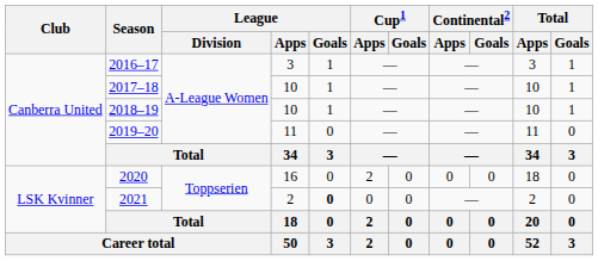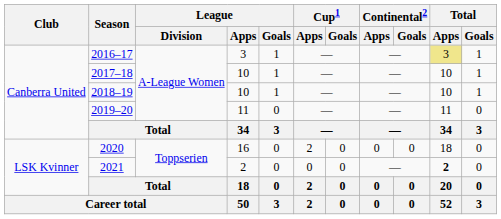 <table class="wikitable" style="text-align: center;">
 <tr>
 <th rowspan="2">Club</th>
 <th rowspan="2">Season</th>
 <th colspan="3">League</th>
 <th colspan="2">Cup<sup><a href='#'>1</a></sup></th>
 <th colspan="2">Continental<sup><a href='#'>2</a></sup></th>
 <th colspan="2">Total</th>
 </tr>
 <tr>
 <th>Division</th>
 <th>Apps</th>
 <th>Goals</th>
 <th>Apps</th>
 <th>Goals</th>
 <th>Apps</th>
 <th>Goals</th>
 <th>Apps</th>
 <th>Goals</th>
 </tr>
 <tr>
 <td rowspan="5"><a href='#'>Canberra United</a></td>
 <td><a href='#'>2016–17</a></td>
 <td rowspan="4"><a href='#'>A-League Women</a></td>
 <td>3</td>
 <td>1</td>
 <td colspan="2">—</td>
 <td colspan="2">—</td>
-<td>3</td>
+<td style="background: khaki;">3</td>
 <td>1</td>
 </tr>
 <tr>
 <td><a href='#'>2017–18</a></td>
 <td>10</td>
 <td>1</td>
 <td colspan="2">—</td>
 <td colspan="2">—</td>
 <td>10</td>
 <td>1</td>
 </tr>
 <tr>
 <td><a href='#'>2018–19</a></td>
 <td>10</td>
 <td>1</td>
 <td colspan="2">—</td>
 <td colspan="2">—</td>
 <td>10</td>
 <td>1</td>
 </tr>
 <tr>
 <td><a href='#'>2019–20</a></td>
 <td>11</td>
 <td>0</td>
 <td colspan="2">—</td>
 <td colspan="2">—</td>
 <td>11</td>
 <td>0</td>
 </tr>
 <tr>
 <th colspan="2">Total</th>
 <th>34</th>
 <th>3</th>
 <th colspan="2">—</th>
 <th colspan="2">—</th>
 <th>34</th>
 <th>3</th>
 </tr>
 <tr>
 <td rowspan="3"><a href='#'>LSK Kvinner</a></td>
 <td><a href='#'>2020</a></td>
 <td rowspan="2"><a href='#'>Toppserien</a></td>
 <td>16</td>
 <td>0</td>
 <td>2</td>
 <td>0</td>
 <td>0</td>
 <td>0</td>
 <td>18</td>
 <td>0</td>
 </tr>
 <tr>
 <td><a href='#'>2021</a></td>
 <td>2</td>
-<td><strong>0</strong></td>
+<td>0</td>
 <td>0</td>
 <td>0</td>
 <td colspan="2">—</td>
-<td>2</td>
+<td><strong>2</strong></td>
 <td>0</td>
 </tr>
 <tr>
 <th colspan="2">Total</th>
 <th>18</th>
 <th>0</th>
 <th>2</th>
 <th>0</th>
 <th>0</th>
 <th>0</th>
 <th>20</th>
 <th>0</th>
 </tr>
 <tr>
 <th colspan="3">Career total</th>
 <th>50</th>
 <th>3</th>
 <th>2</th>
 <th>0</th>
 <th>0</th>
 <th>0</th>
 <th>52</th>
 <th>3</th>
 </tr>
 </table>
